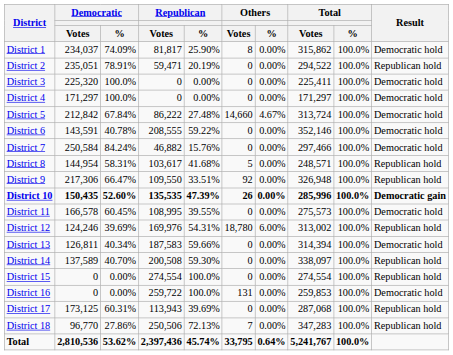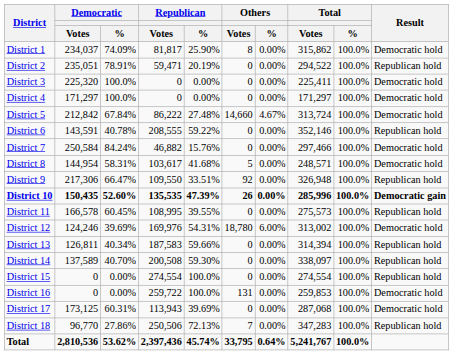 <table class="wikitable plainrowheaders sortable" style="font-size:100%; text-align:right;">
 <tr>
 <th scope=col rowspan=3><a href='#'>District</a></th>
 <th scope=col colspan=2><a href='#'>Democratic</a></th>
 <th scope=col colspan=2><a href='#'>Republican</a></th>
 <th scope=col colspan=2>Others</th>
 <th scope=col colspan=2>Total</th>
 <th scope=col rowspan=3>Result</th>
 </tr>
 <tr>
 <th scope=col colspan=2 style="background:"></th>
 <th scope=col colspan=2 style="background:"></th>
 <th scope=col colspan=2></th>
 <th scope=col colspan=2></th>
 </tr>
 <tr>
 <th scope=col data-sort-type="number">Votes</th>
 <th scope=col data-sort-type="number">%</th>
 <th scope=col data-sort-type="number">Votes</th>
 <th scope=col data-sort-type="number">%</th>
 <th scope=col data-sort-type="number">Votes</th>
 <th scope=col data-sort-type="number">%</th>
 <th scope=col data-sort-type="number">Votes</th>
 <th scope=col data-sort-type="number">%</th>
 </tr>
 <tr>
 <td align=left><a href='#'>District 1</a></td>
 <td>234,037</td>
 <td>74.09%</td>
 <td>81,817</td>
 <td>25.90%</td>
 <td>8</td>
 <td>0.00%</td>
 <td>315,862</td>
 <td>100.0%</td>
 <td align=left>Democratic hold</td>
 </tr>
 <tr>
 <td align=left><a href='#'>District 2</a></td>
 <td>235,051</td>
 <td>78.91%</td>
 <td>59,471</td>
 <td>20.19%</td>
 <td>0</td>
 <td>0.00%</td>
 <td>294,522</td>
 <td>100.0%</td>
 <td align=left>Republican hold</td>
 </tr>
 <tr>
 <td align=left><a href='#'>District 3</a></td>
 <td>225,320</td>
 <td>100.0%</td>
 <td>0</td>
 <td>0.00%</td>
 <td>0</td>
 <td>0.00%</td>
 <td>225,411</td>
 <td>100.0%</td>
 <td align=left>Democratic hold</td>
 </tr>
 <tr>
 <td align=left><a href='#'>District 4</a></td>
 <td>171,297</td>
 <td>100.0%</td>
 <td>0</td>
 <td>0.00%</td>
 <td>0</td>
 <td>0.00%</td>
 <td>171,297</td>
 <td>100.0%</td>
 <td align=left>Democratic hold</td>
 </tr>
 <tr>
 <td align=left><a href='#'>District 5</a></td>
 <td>212,842</td>
 <td>67.84%</td>
 <td>86,222</td>
 <td>27.48%</td>
 <td>14,660</td>
 <td>4.67%</td>
 <td>313,724</td>
 <td>100.0%</td>
 <td align=left>Democratic hold</td>
 </tr>
 <tr>
 <td align=left><a href='#'>District 6</a></td>
 <td>143,591</td>
 <td>40.78%</td>
 <td>208,555</td>
 <td>59.22%</td>
 <td>0</td>
 <td>0.00%</td>
 <td>352,146</td>
 <td>100.0%</td>
-<td align=left>Democratic hold</td>
+<td align=left>Republican hold</td>
 </tr>
 <tr>
 <td align=left><a href='#'>District 7</a></td>
 <td>250,584</td>
 <td>84.24%</td>
 <td>46,882</td>
 <td>15.76%</td>
 <td>0</td>
 <td>0.00%</td>
 <td>297,466</td>
 <td>100.0%</td>
 <td align=left>Democratic hold</td>
 </tr>
 <tr>
 <td align=left><a href='#'>District 8</a></td>
 <td>144,954</td>
 <td>58.31%</td>
 <td>103,617</td>
 <td>41.68%</td>
 <td>5</td>
 <td>0.00%</td>
 <td>248,571</td>
 <td>100.0%</td>
-<td align=left>Republican hold</td>
+<td align=left>Democratic hold</td>
 </tr>
 <tr>
 <td align=left><a href='#'>District 9</a></td>
 <td>217,306</td>
 <td>66.47%</td>
 <td>109,550</td>
 <td>33.51%</td>
 <td>92</td>
 <td>0.00%</td>
 <td>326,948</td>
 <td>100.0%</td>
 <td align=left>Republican hold</td>
 </tr>
 <tr>
 <td align=left><strong><a href='#'>District 10</a></strong></td>
 <td><strong>150,435</strong></td>
 <td><strong> 52.60%</strong></td>
 <td><strong> 135,535</strong></td>
 <td><strong>47.39%</strong></td>
 <td><strong>26</strong></td>
 <td><strong>0.00%</strong></td>
 <td><strong>285,996</strong></td>
 <td><strong> 100.0%</strong></td>
 <td align=left><strong>Democratic gain</strong></td>
 </tr>
 <tr>
 <td align=left><a href='#'>District 11</a></td>
 <td>166,578</td>
 <td>60.45%</td>
 <td>108,995</td>
 <td>39.55%</td>
 <td>0</td>
 <td>0.00%</td>
 <td>275,573</td>
 <td>100.0%</td>
-<td align=left>Democratic hold</td>
+<td align=left>Republican hold</td>
 </tr>
 <tr>
 <td align=left><a href='#'>District 12</a></td>
 <td>124,246</td>
 <td>39.69%</td>
 <td>169,976</td>
 <td>54.31%</td>
 <td>18,780</td>
 <td>6.00%</td>
 <td>313,002</td>
 <td>100.0%</td>
-<td align=left>Republican hold</td>
+<td align=left>Democratic hold</td>
 </tr>
 <tr>
 <td align=left><a href='#'>District 13</a></td>
 <td>126,811</td>
 <td>40.34%</td>
 <td>187,583</td>
 <td>59.66%</td>
 <td>0</td>
 <td>0.00%</td>
 <td>314,394</td>
 <td>100.0%</td>
-<td align=left>Democratic hold</td>
+<td align=left>Republican hold</td>
 </tr>
 <tr>
 <td align=left><a href='#'>District 14</a></td>
 <td>137,589</td>
 <td>40.70%</td>
 <td>200,508</td>
 <td>59.30%</td>
 <td>0</td>
 <td>0.00%</td>
 <td>338,097</td>
 <td>100.0%</td>
 <td align=left>Republican hold</td>
 </tr>
 <tr>
 <td align=left><a href='#'>District 15</a></td>
 <td>0</td>
 <td>0.00%</td>
 <td>274,554</td>
 <td>100.0%</td>
 <td>0</td>
 <td>0.00%</td>
 <td>274,554</td>
 <td>100.0%</td>
 <td align=left>Republican hold</td>
 </tr>
 <tr>
 <td align=left><a href='#'>District 16</a></td>
 <td>0</td>
 <td>0.00%</td>
 <td>259,722</td>
 <td>100.0%</td>
 <td>131</td>
 <td>0.00%</td>
 <td>259,853</td>
 <td>100.0%</td>
 <td align=left>Democratic hold</td>
 </tr>
 <tr>
 <td align=left><a href='#'>District 17</a></td>
 <td>173,125</td>
 <td>60.31%</td>
 <td>113,943</td>
 <td>39.69%</td>
 <td>0</td>
 <td>0.00%</td>
 <td>287,068</td>
 <td>100.0%</td>
-<td align=left>Republican hold</td>
+<td align=left>Democratic hold</td>
 </tr>
 <tr>
 <td align=left><a href='#'>District 18</a></td>
 <td>96,770</td>
 <td>27.86%</td>
 <td>250,506</td>
 <td>72.13%</td>
 <td>7</td>
 <td>0.00%</td>
 <td>347,283</td>
 <td>100.0%</td>
 <td align=left>Republican hold</td>
 </tr>
 <tr class="sortbottom" style="font-weight:bold">
 <td align=left>Total</td>
 <td>2,810,536</td>
 <td>53.62%</td>
 <td>2,397,436</td>
 <td>45.74%</td>
 <td>33,795</td>
 <td>0.64%</td>
 <td>5,241,767</td>
 <td>100.0%</td>
 <td></td>
 </tr>
 </table>
